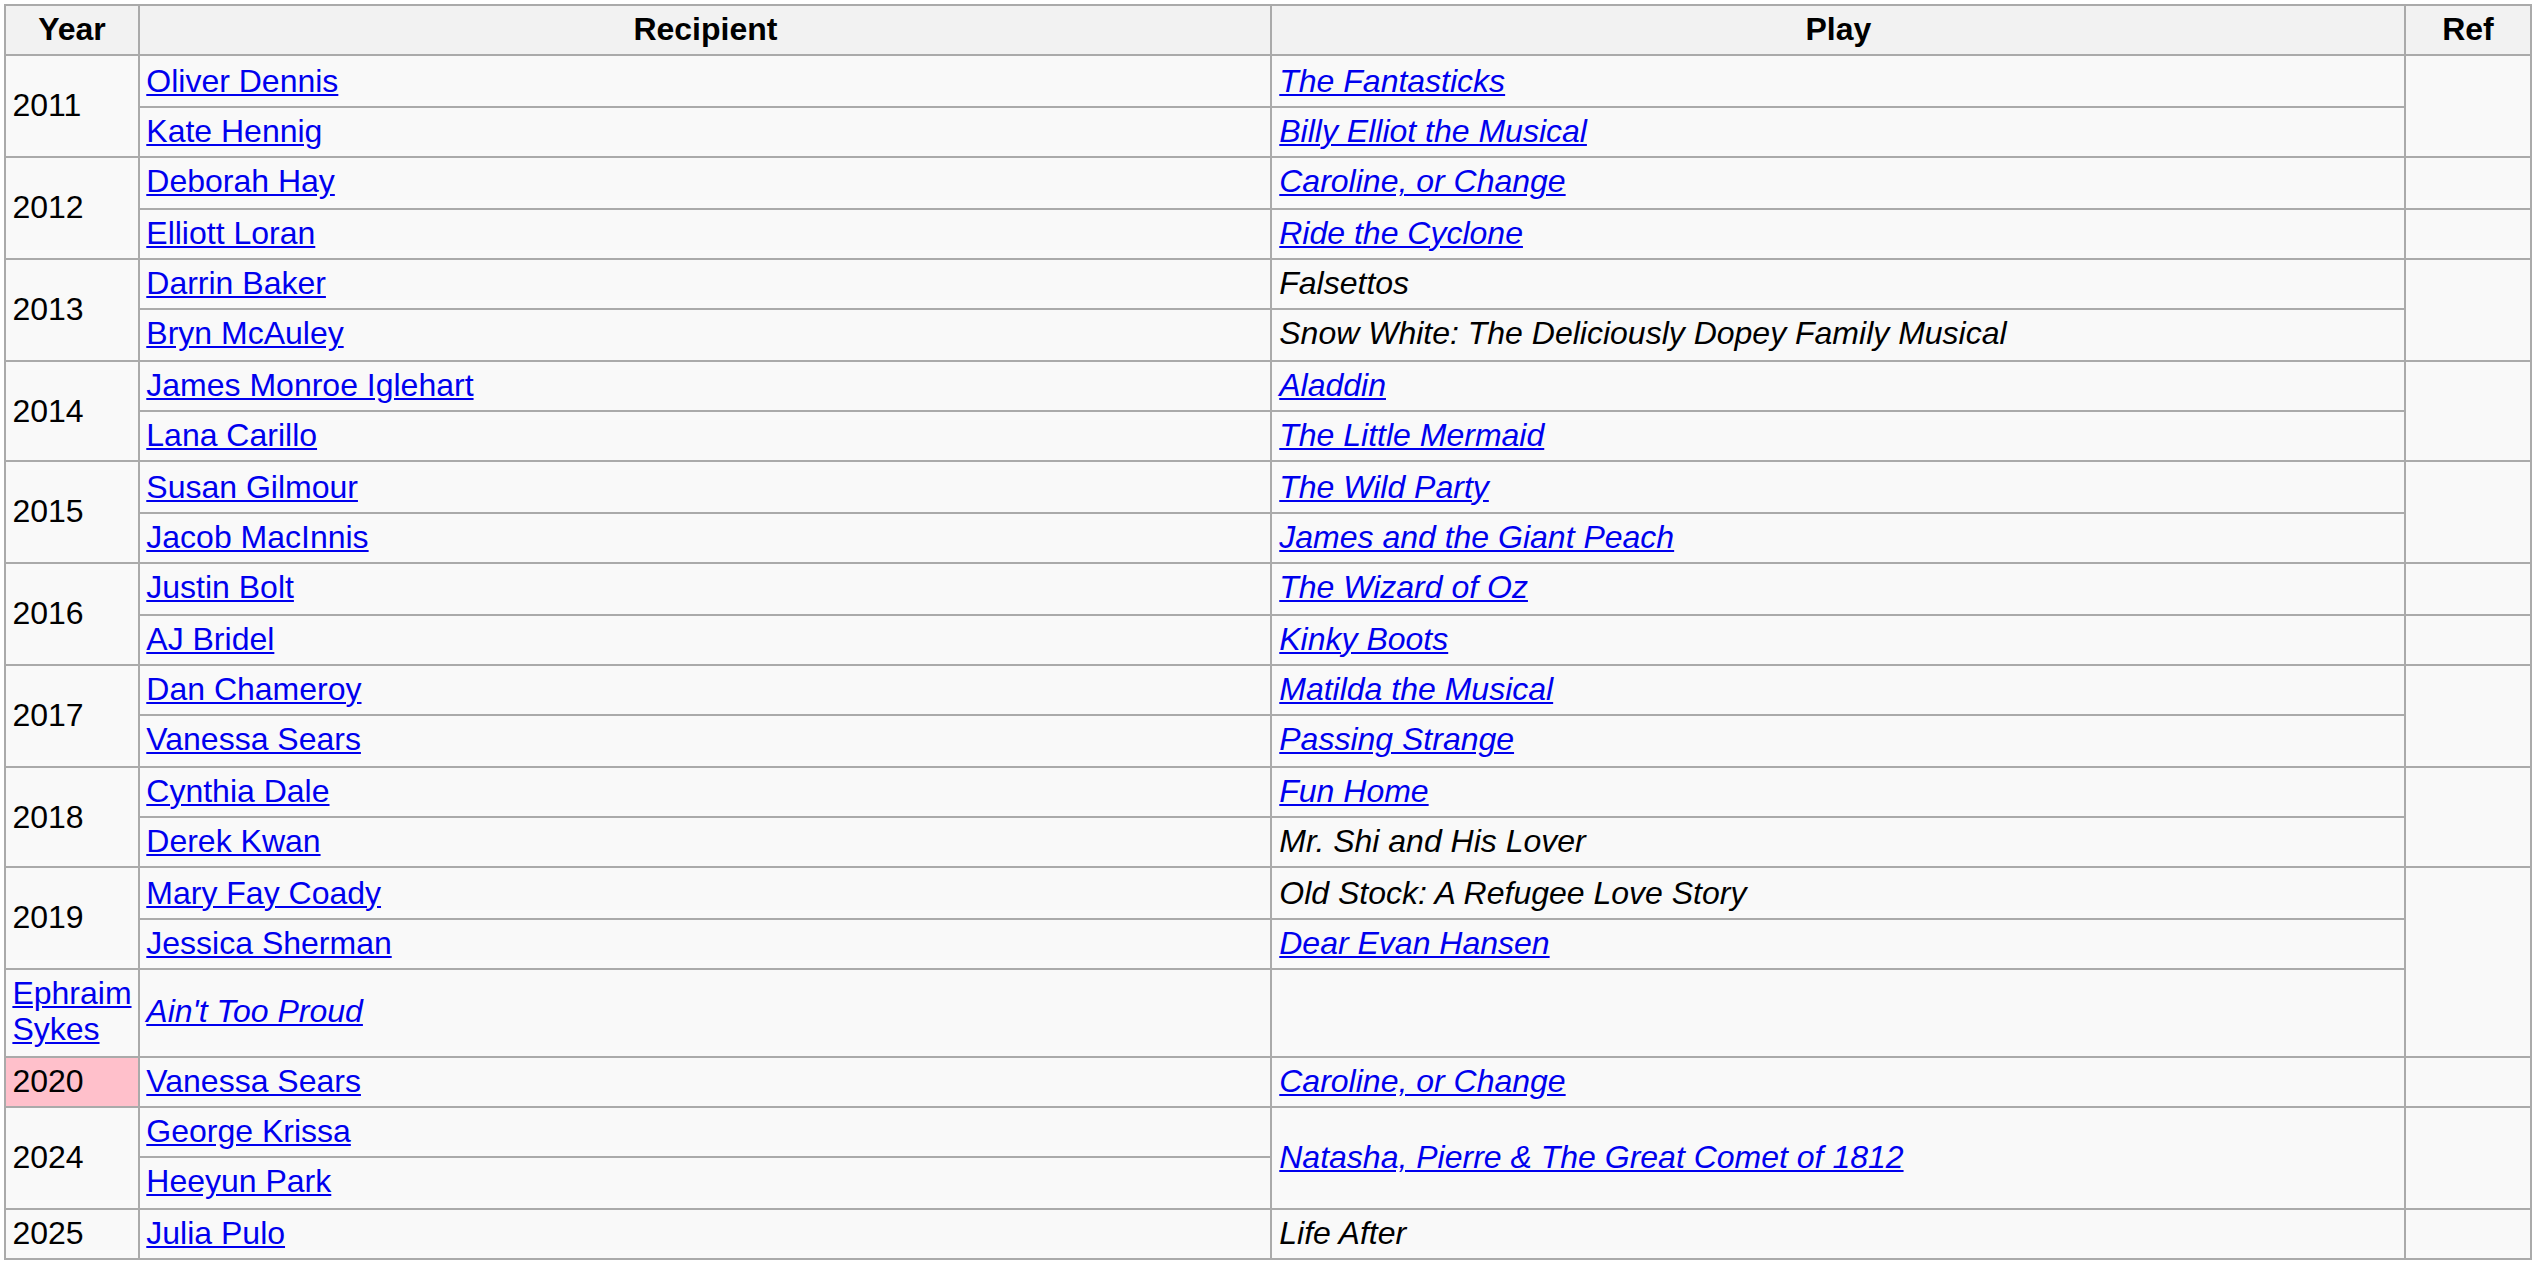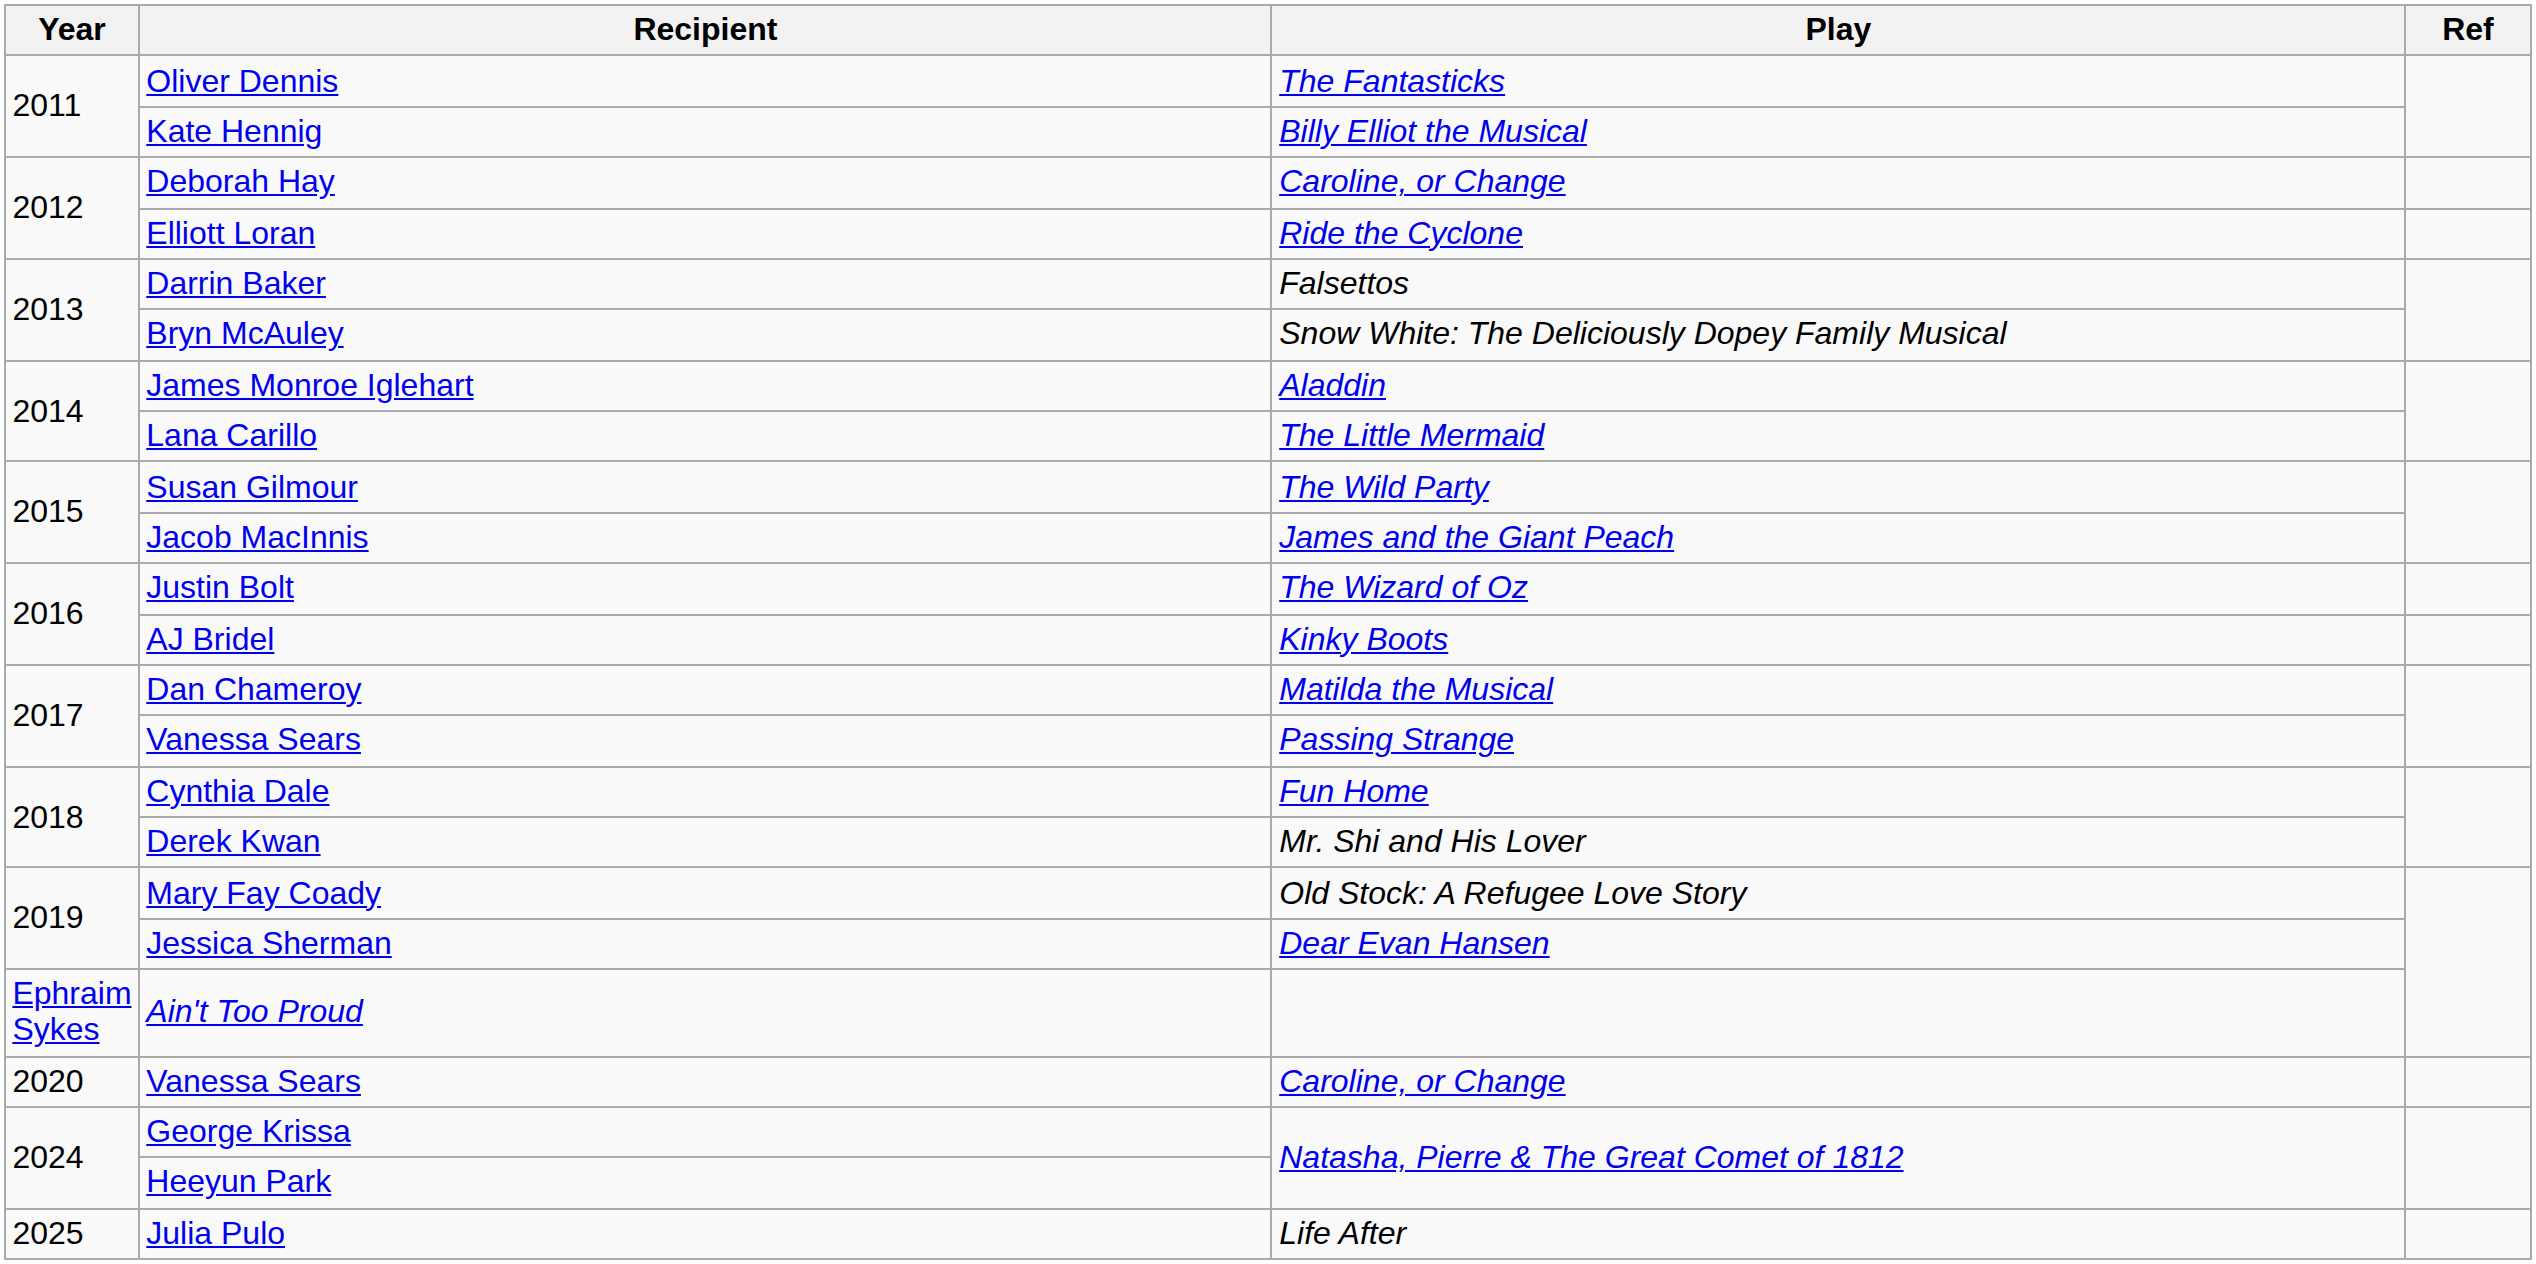 <table class = "wikitable sortable" width=100%>
 <tr>
 <th width=5%>Year</th>
 <th width=45%>Recipient</th>
 <th width=45%>Play</th>
 <th width=5%>Ref</th>
 </tr>
 <tr>
 <td rowspan=2>2011</td>
 <td><a href='#'>Oliver Dennis</a></td>
 <td><em><a href='#'>The Fantasticks</a></em></td>
 <td rowspan=2></td>
 </tr>
 <tr>
 <td><a href='#'>Kate Hennig</a></td>
 <td><em><a href='#'>Billy Elliot the Musical</a></em></td>
 </tr>
 <tr>
 <td rowspan=2>2012</td>
 <td><a href='#'>Deborah Hay</a></td>
 <td><em><a href='#'>Caroline, or Change</a></em></td>
 <td></td>
 </tr>
 <tr>
 <td><a href='#'>Elliott Loran</a></td>
 <td><em><a href='#'>Ride the Cyclone</a></em></td>
 </tr>
 <tr>
 <td rowspan=2>2013</td>
 <td><a href='#'>Darrin Baker</a></td>
 <td><em>Falsettos</em></td>
 <td rowspan=2></td>
 </tr>
 <tr>
 <td><a href='#'>Bryn McAuley</a></td>
 <td><em>Snow White: The Deliciously Dopey Family Musical</em></td>
 </tr>
 <tr>
 <td rowspan=2>2014</td>
 <td><a href='#'>James Monroe Iglehart</a></td>
 <td><em><a href='#'>Aladdin</a></em></td>
 <td rowspan=2></td>
 </tr>
 <tr>
 <td><a href='#'>Lana Carillo</a></td>
 <td><em><a href='#'>The Little Mermaid</a></em></td>
 </tr>
 <tr>
 <td rowspan=2>2015</td>
 <td><a href='#'>Susan Gilmour</a></td>
 <td><em><a href='#'>The Wild Party</a></em></td>
 <td rowspan=2></td>
 </tr>
 <tr>
 <td><a href='#'>Jacob MacInnis</a></td>
 <td><em><a href='#'>James and the Giant Peach</a></em></td>
 </tr>
 <tr>
 <td rowspan=2>2016</td>
 <td><a href='#'>Justin Bolt</a></td>
 <td><em><a href='#'>The Wizard of Oz</a></em></td>
 <td></td>
 </tr>
 <tr>
 <td><a href='#'>AJ Bridel</a></td>
 <td><em><a href='#'>Kinky Boots</a></em></td>
 </tr>
 <tr>
 <td rowspan=2>2017</td>
 <td><a href='#'>Dan Chameroy</a></td>
 <td><em><a href='#'>Matilda the Musical</a></em></td>
 <td rowspan=2></td>
 </tr>
 <tr>
 <td><a href='#'>Vanessa Sears</a></td>
 <td><em><a href='#'>Passing Strange</a></em></td>
 </tr>
 <tr>
 <td rowspan=2>2018</td>
 <td><a href='#'>Cynthia Dale</a></td>
 <td><em><a href='#'>Fun Home</a></em></td>
 <td rowspan=2></td>
 </tr>
 <tr>
 <td><a href='#'>Derek Kwan</a></td>
 <td><em>Mr. Shi and His Lover</em></td>
 </tr>
 <tr>
 <td rowspan=2>2019</td>
 <td><a href='#'>Mary Fay Coady</a></td>
 <td><em>Old Stock: A Refugee Love Story</em></td>
 <td rowspan=3></td>
 </tr>
 <tr>
 <td><a href='#'>Jessica Sherman</a></td>
 <td><em><a href='#'>Dear Evan Hansen</a></em></td>
 </tr>
 <tr>
 <td><a href='#'>Ephraim Sykes</a></td>
 <td><em><a href='#'>Ain't Too Proud</a></em></td>
 </tr>
 <tr>
-<td style="background: pink;">2020</td>
+<td>2020</td>
 <td><a href='#'>Vanessa Sears</a></td>
 <td><em><a href='#'>Caroline, or Change</a></em></td>
 <td></td>
 </tr>
 <tr>
 <td rowspan=2>2024</td>
 <td><a href='#'>George Krissa</a></td>
 <td rowspan=2><em><a href='#'>Natasha, Pierre & The Great Comet of 1812</a></em></td>
 <td rowspan=2></td>
 </tr>
 <tr>
 <td><a href='#'>Heeyun Park</a></td>
 </tr>
 <tr>
 <td>2025</td>
 <td><a href='#'>Julia Pulo</a></td>
 <td><em>Life After</em></td>
 <td></td>
 </tr>
 </table>
